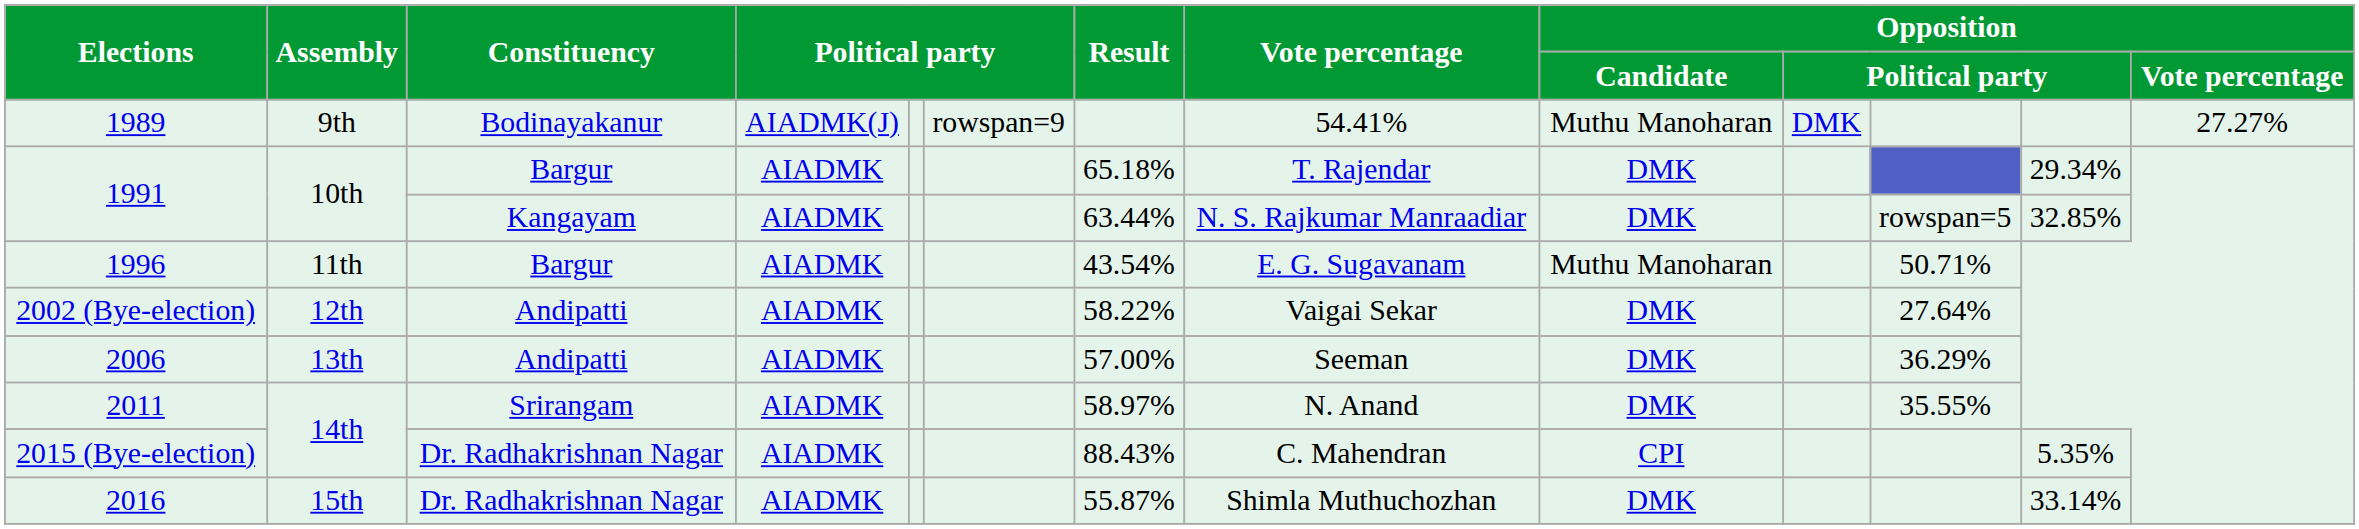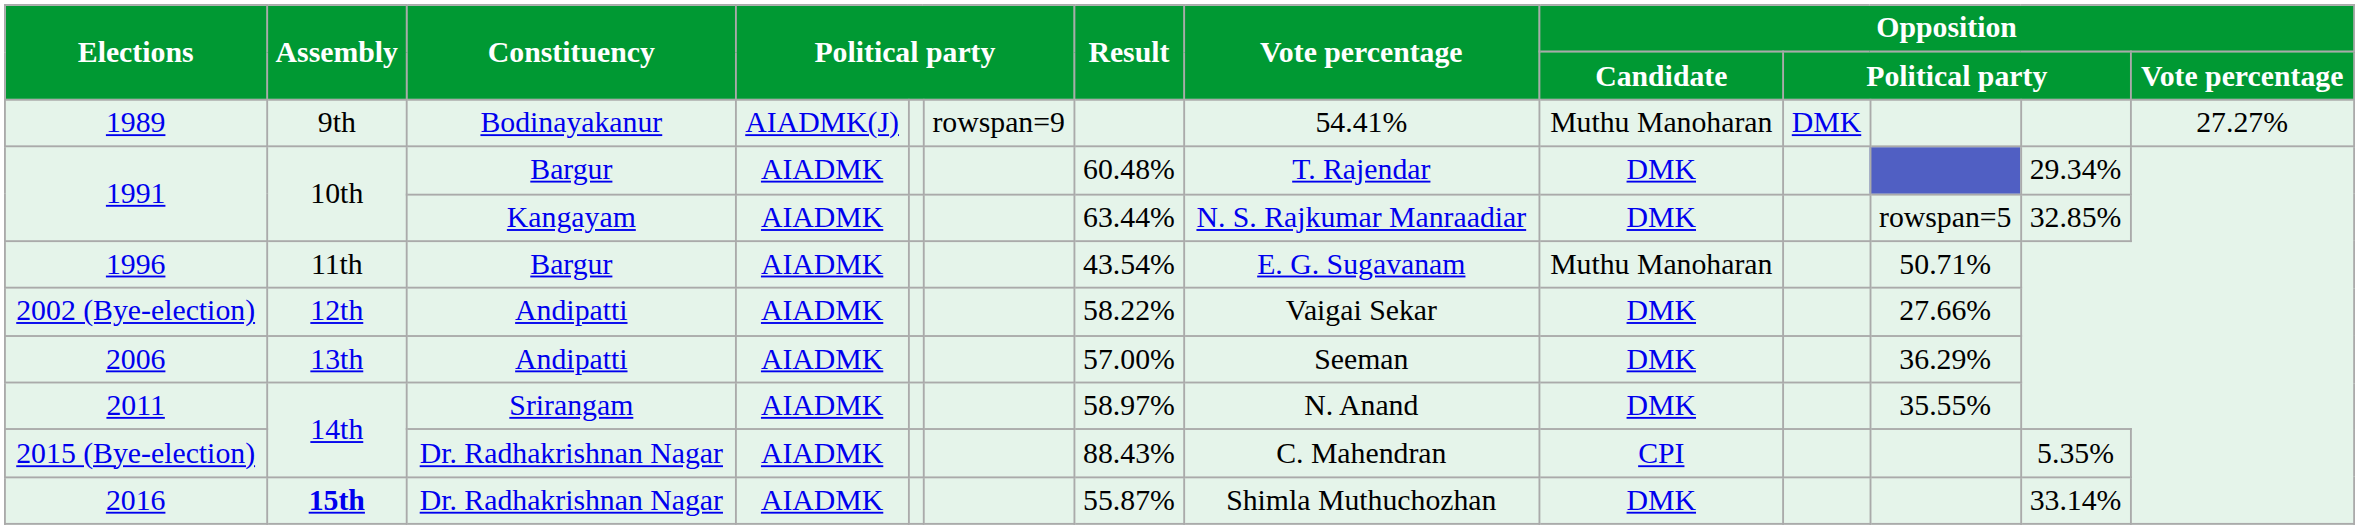 <table class="wikitable sortable" style="width:100%;background:#E5F4EA;text-align:center">
 <tr>
 <th style="background-color:#009933;color:white"rowspan=2>Elections</th>
 <th style="background-color:#009933;color:white"rowspan=2>Assembly</th>
 <th style="background-color:#009933;color:white"rowspan=2>Constituency</th>
 <th style="background-color:#009933;color:white"colspan=3 rowspan=2>Political party</th>
 <th style="background-color:#009933;color:white"rowspan=2>Result</th>
 <th style="background-color:#009933;color:white"rowspan=2>Vote percentage</th>
 <th style="background-color:#009933;color:white"colspan=5>Opposition</th>
 </tr>
 <tr>
 <th style="background-color:#009933;color:white">Candidate</th>
 <th style="background-color:#009933;color:white"colspan=3>Political party</th>
 <th style="background-color:#009933;color:white">Vote percentage</th>
 </tr>
 <tr>
 <td><a href='#'>1989</a></td>
 <td>9th</td>
 <td><a href='#'>Bodinayakanur</a></td>
 <td><a href='#'>AIADMK(J)</a></td>
 <td></td>
 <td>rowspan=9 </td>
 <td></td>
 <td>54.41%</td>
 <td>Muthu Manoharan</td>
 <td><a href='#'>DMK</a></td>
 <td></td>
 <td></td>
 <td>27.27%</td>
 </tr>
 <tr>
 <td rowspan=2><a href='#'>1991</a></td>
 <td rowspan=2>10th</td>
 <td><a href='#'>Bargur</a></td>
 <td><a href='#'>AIADMK</a></td>
 <td></td>
 <td></td>
-<td>65.18%</td>
+<td>60.48%</td>
 <td><a href='#'>T. Rajendar</a></td>
 <td><a href='#'>DMK</a></td>
 <td></td>
 <td style="background-color:#505FC3"></td>
 <td>29.34%</td>
 </tr>
 <tr>
 <td><a href='#'>Kangayam</a></td>
 <td><a href='#'>AIADMK</a></td>
 <td></td>
 <td></td>
 <td>63.44%</td>
 <td><a href='#'>N. S. Rajkumar Manraadiar</a></td>
 <td><a href='#'>DMK</a></td>
 <td></td>
 <td>rowspan=5 </td>
 <td>32.85%</td>
 </tr>
 <tr>
 <td><a href='#'>1996</a></td>
 <td>11th</td>
 <td><a href='#'>Bargur</a></td>
 <td><a href='#'>AIADMK</a></td>
 <td></td>
 <td></td>
 <td>43.54%</td>
 <td><a href='#'>E. G. Sugavanam</a></td>
 <td>Muthu Manoharan</td>
 <td></td>
 <td>50.71%</td>
 </tr>
 <tr>
 <td><a href='#'>2002 (Bye-election)</a></td>
 <td><a href='#'>12th</a></td>
 <td><a href='#'>Andipatti</a></td>
 <td><a href='#'>AIADMK</a></td>
 <td></td>
 <td></td>
 <td>58.22%</td>
 <td>Vaigai Sekar</td>
 <td><a href='#'>DMK</a></td>
 <td></td>
-<td>27.64%</td>
+<td>27.66%</td>
 </tr>
 <tr>
 <td><a href='#'>2006</a></td>
 <td><a href='#'>13th</a></td>
 <td><a href='#'>Andipatti</a></td>
 <td><a href='#'>AIADMK</a></td>
 <td></td>
 <td></td>
 <td>57.00%</td>
 <td>Seeman</td>
 <td><a href='#'>DMK</a></td>
 <td></td>
 <td>36.29%</td>
 </tr>
 <tr>
 <td><a href='#'>2011</a></td>
 <td rowspan=2><a href='#'>14th</a></td>
 <td><a href='#'>Srirangam</a></td>
 <td><a href='#'>AIADMK</a></td>
 <td></td>
 <td></td>
 <td>58.97%</td>
 <td>N. Anand</td>
 <td><a href='#'>DMK</a></td>
 <td></td>
 <td>35.55%</td>
 </tr>
 <tr>
 <td><a href='#'>2015 (Bye-election)</a></td>
 <td><a href='#'>Dr. Radhakrishnan Nagar</a></td>
 <td><a href='#'>AIADMK</a></td>
 <td></td>
 <td></td>
 <td>88.43%</td>
 <td>C. Mahendran</td>
 <td><a href='#'>CPI</a></td>
 <td></td>
 <td></td>
 <td>5.35%</td>
 </tr>
 <tr>
 <td><a href='#'>2016</a></td>
-<td><a href='#'>15th</a></td>
+<td><strong><a href='#'>15th</a></strong></td>
 <td><a href='#'>Dr. Radhakrishnan Nagar</a></td>
 <td><a href='#'>AIADMK</a></td>
 <td></td>
 <td></td>
 <td>55.87%</td>
 <td>Shimla Muthuchozhan</td>
 <td><a href='#'>DMK</a></td>
 <td></td>
 <td></td>
 <td>33.14%</td>
 </tr>
 </table>
